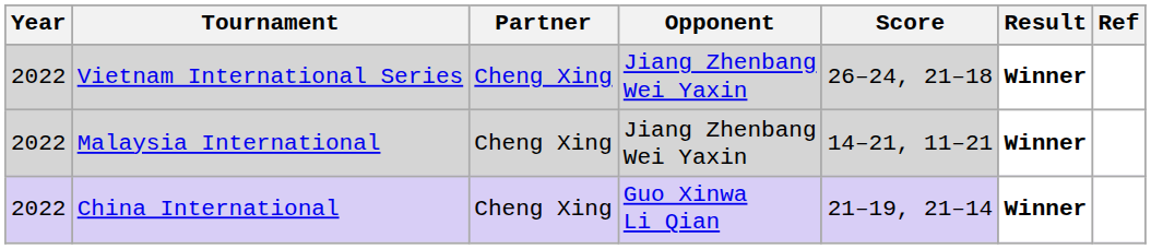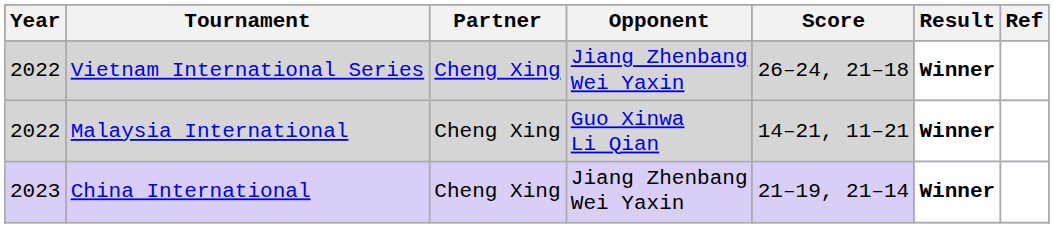 <table class="sortable wikitable" style="font-size: 90%;">
 <tr>
 <th>Year</th>
 <th>Tournament</th>
 <th>Partner</th>
 <th>Opponent</th>
 <th>Score</th>
 <th>Result</th>
 <th>Ref</th>
 </tr>
 <tr style="background:#D5D5D5">
 <td align="center">2022</td>
 <td align="left"><a href='#'>Vietnam International Series</a></td>
 <td align="left"> <a href='#'>Cheng Xing</a></td>
 <td align="left"> <a href='#'>Jiang Zhenbang</a><br> <a href='#'>Wei Yaxin</a></td>
 <td align="left">26–24, 21–18</td>
 <td style="text-align:left; background:white"> <strong>Winner</strong></td>
 <td style="text-align:center; background:white"></td>
 </tr>
 <tr style="background:#D5D5D5">
 <td align="center">2022</td>
 <td align="left"><a href='#'>Malaysia International</a></td>
 <td align="left"> Cheng Xing</td>
-<td align="left"> Jiang Zhenbang<br> Wei Yaxin</td>
+<td align="left"> <a href='#'>Guo Xinwa</a><br> <a href='#'>Li Qian</a></td>
 <td align="left">14–21, 11–21</td>
 <td style="text-align:left; background:white"> <strong>Winner</strong></td>
 <td style="text-align:center; background:white"></td>
 </tr>
 <tr style="background:#D8CEF6">
-<td align="center">2022</td>
+<td align="center">2023</td>
 <td align="left"><a href='#'>China International</a></td>
 <td align="left"> Cheng Xing</td>
-<td align="left"> <a href='#'>Guo Xinwa</a><br> <a href='#'>Li Qian</a></td>
+<td align="left"> Jiang Zhenbang<br> Wei Yaxin</td>
 <td align="left">21–19, 21–14</td>
 <td style="text-align:left; background:white"> <strong>Winner</strong></td>
 <td style="text-align:center; background:white"></td>
 </tr>
 </table>
